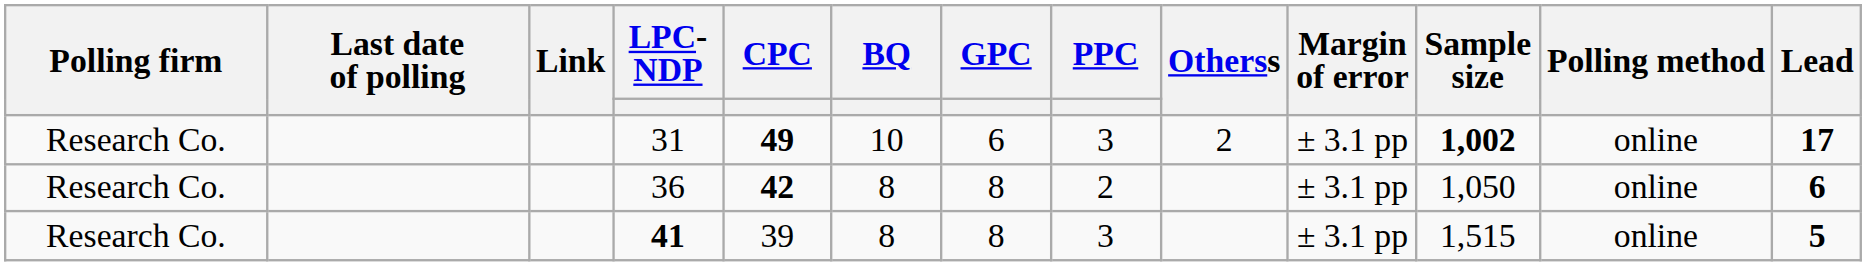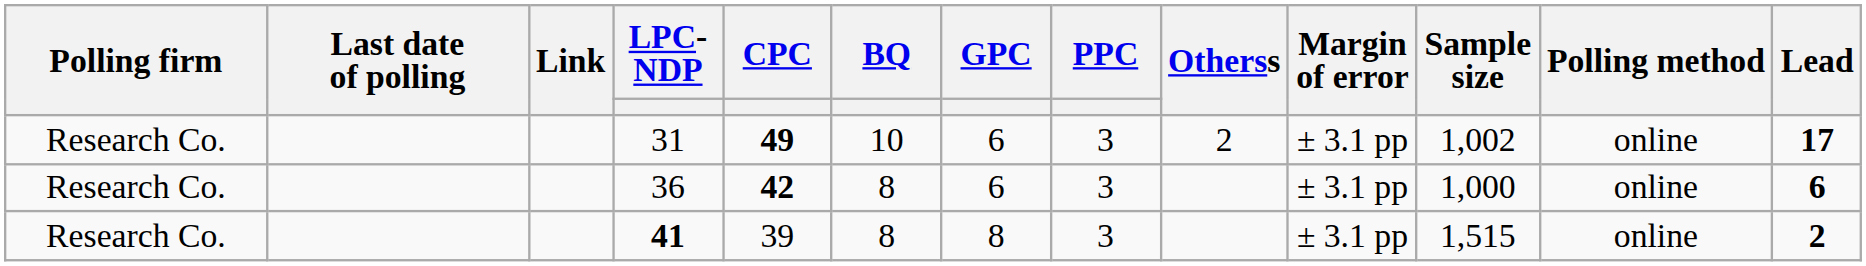 <table class="wikitable sortable mw-datatable" style="text-align:center;font-size:90%;line-height:14px;">
 <tr style="height:40px;">
 <th style="width:105px;" rowspan="2">Polling firm</th>
 <th style="width:105px;" rowspan="2">Last date<br>of polling</th>
 <th rowspan="2">Link</th>
 <th style="width:40px;"><a href='#'>LPC</a>-<a href='#'>NDP</a></th>
 <th style="width:40px;"><a href='#'>CPC</a></th>
 <th style="width:40px;"><a href='#'>BQ</a></th>
 <th style="width:40px;"><a href='#'>GPC</a></th>
 <th style="width:40px;"><a href='#'>PPC</a></th>
 <th rowspan="2" style="width:40px"><a href='#'>Others</a>s</th>
 <th rowspan="2">Margin<br>of error</th>
 <th rowspan="2">Sample<br>size</th>
 <th rowspan="2">Polling method</th>
 <th rowspan="2">Lead</th>
 </tr>
 <tr class="sorttop">
 <th style="background:"></th>
 <th style="background:"></th>
 <th style="background:"></th>
 <th style="background:"></th>
 <th style="background:"></th>
 </tr>
 <tr>
 <td>Research Co.</td>
 <td></td>
 <td></td>
 <td>31</td>
 <td><strong>49</strong></td>
 <td>10</td>
 <td>6</td>
 <td>3</td>
 <td>2</td>
 <td>± 3.1 pp</td>
-<td><strong>1,002</strong></td>
+<td>1,002</td>
 <td>online</td>
 <td><strong>17</strong></td>
 </tr>
 <tr>
 <td>Research Co.</td>
 <td></td>
 <td></td>
 <td>36</td>
 <td><strong>42</strong></td>
 <td>8</td>
-<td>8</td>
-<td>2</td>
+<td>6</td>
+<td>3</td>
 <td></td>
 <td>± 3.1 pp</td>
-<td>1,050</td>
+<td>1,000</td>
 <td>online</td>
 <td><strong>6</strong></td>
 </tr>
 <tr>
 <td>Research Co.</td>
 <td></td>
 <td></td>
 <td><strong>41</strong></td>
 <td>39</td>
 <td>8</td>
 <td>8</td>
 <td>3</td>
 <td></td>
 <td>± 3.1 pp</td>
 <td>1,515</td>
 <td>online</td>
-<td><strong>5</strong></td>
+<td><strong>2</strong></td>
 </tr>
 </table>
